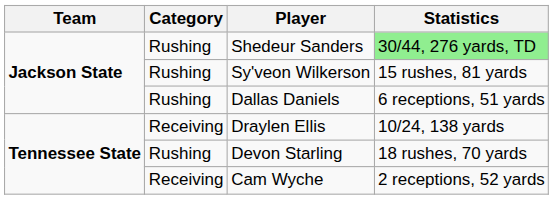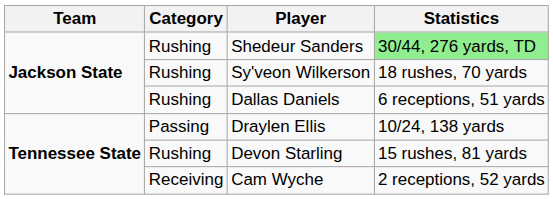 <table class="wikitable" style="float: left;">
 <tr>
 <th>Team</th>
 <th>Category</th>
 <th>Player</th>
 <th>Statistics</th>
 </tr>
 <tr>
 <td rowspan=3><strong>Jackson State</strong></td>
 <td>Rushing</td>
 <td>Shedeur Sanders</td>
 <td style="background: lightgreen;">30/44, 276 yards, TD</td>
 </tr>
 <tr>
 <td>Rushing</td>
 <td>Sy'veon Wilkerson</td>
-<td>15 rushes, 81 yards</td>
+<td>18 rushes, 70 yards</td>
 </tr>
 <tr>
 <td>Rushing</td>
 <td>Dallas Daniels</td>
 <td>6 receptions, 51 yards</td>
 </tr>
 <tr>
 <td rowspan=3><strong>Tennessee State</strong></td>
-<td>Receiving</td>
+<td>Passing</td>
 <td>Draylen Ellis</td>
 <td>10/24, 138 yards</td>
 </tr>
 <tr>
 <td>Rushing</td>
 <td>Devon Starling</td>
-<td>18 rushes, 70 yards</td>
+<td>15 rushes, 81 yards</td>
 </tr>
 <tr>
 <td>Receiving</td>
 <td>Cam Wyche</td>
 <td>2 receptions, 52 yards</td>
 </tr>
 </table>
